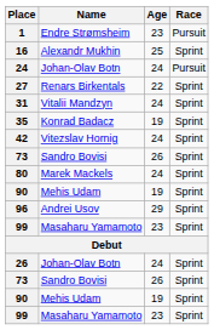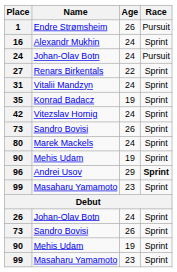 <table class="wikitable plainrowheaders" style="font-size:80%; text-align:center; display:inline-table;">
 <tr>
 <th>Place</th>
 <th>Name</th>
 <th>Age</th>
 <th>Race</th>
 </tr>
 <tr>
 <th>1</th>
 <td style="text-align:left"> <a href='#'>Endre Strømsheim</a></td>
-<td>23</td>
+<td>26</td>
 <td>Pursuit</td>
 </tr>
 <tr>
 <th>16</th>
 <td style="text-align:left"> <a href='#'>Alexandr Mukhin</a></td>
-<td>25</td>
+<td>24</td>
 <td>Sprint</td>
 </tr>
 <tr>
 <th>24</th>
 <td style="text-align:left"> <a href='#'>Johan-Olav Botn</a></td>
 <td>24</td>
 <td>Pursuit</td>
 </tr>
 <tr>
 <th>27</th>
 <td style="text-align:left"> <a href='#'>Renars Birkentals</a></td>
 <td>22</td>
 <td>Sprint</td>
 </tr>
 <tr>
 <th>31</th>
 <td style="text-align:left"> <a href='#'>Vitalii Mandzyn</a></td>
 <td>24</td>
 <td>Sprint</td>
 </tr>
 <tr>
 <th>35</th>
 <td style="text-align:left"> <a href='#'>Konrad Badacz</a></td>
 <td>19</td>
 <td>Sprint</td>
 </tr>
 <tr>
 <th>42</th>
 <td style="text-align:left"> <a href='#'>Vitezslav Hornig</a></td>
 <td>24</td>
 <td>Sprint</td>
 </tr>
 <tr>
 <th>73</th>
 <td style="text-align:left"> <a href='#'>Sandro Bovisi</a></td>
 <td>26</td>
 <td>Sprint</td>
 </tr>
 <tr>
 <th>80</th>
 <td style="text-align:left"> <a href='#'>Marek Mackels</a></td>
 <td>24</td>
 <td>Sprint</td>
 </tr>
 <tr>
 <th>90</th>
 <td style="text-align:left"> <a href='#'>Mehis Udam</a></td>
 <td>19</td>
 <td>Sprint</td>
 </tr>
 <tr>
 <th>96</th>
 <td style="text-align:left"> <a href='#'>Andrei Usov</a></td>
 <td>29</td>
-<td>Sprint</td>
+<td><strong>Sprint</strong></td>
 </tr>
 <tr>
 <th>99</th>
 <td style="text-align:left"> <a href='#'>Masaharu Yamamoto</a></td>
 <td>23</td>
 <td>Sprint</td>
 </tr>
 <tr>
 <th colspan=4>Debut</th>
 </tr>
 <tr>
 <th>26</th>
 <td style="text-align:left"> <a href='#'>Johan-Olav Botn</a></td>
 <td>24</td>
 <td>Sprint</td>
 </tr>
 <tr>
 <th>73</th>
 <td style="text-align:left"> <a href='#'>Sandro Bovisi</a></td>
 <td>26</td>
 <td>Sprint</td>
 </tr>
 <tr>
 <th>90</th>
 <td style="text-align:left"> <a href='#'>Mehis Udam</a></td>
 <td>19</td>
 <td>Sprint</td>
 </tr>
 <tr>
 <th>99</th>
 <td style="text-align:left"> <a href='#'>Masaharu Yamamoto</a></td>
 <td>23</td>
 <td>Sprint</td>
 </tr>
 </table>
